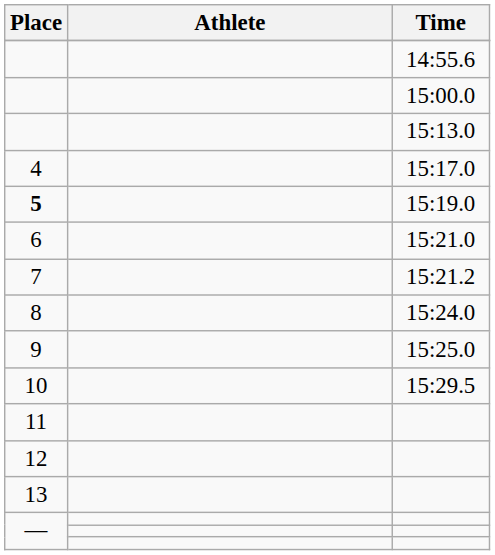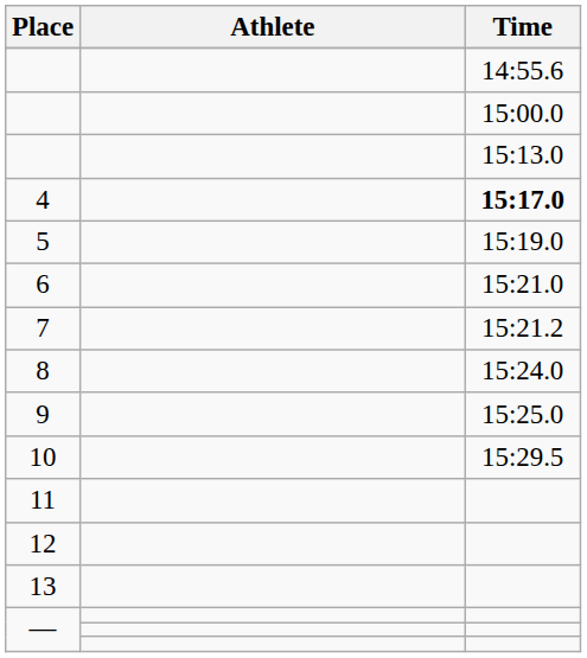 <table class=wikitable style="text-align:center">
 <tr>
 <th width=20>Place</th>
 <th width=220>Athlete</th>
 <th width=60>Time</th>
 </tr>
 <tr>
 </tr>
 <tr>
 <td></td>
 <td align=left></td>
 <td>14:55.6</td>
 </tr>
 <tr>
 <td></td>
 <td align=left></td>
 <td>15:00.0</td>
 </tr>
 <tr>
 <td></td>
 <td align=left></td>
 <td>15:13.0</td>
 </tr>
 <tr>
 <td>4</td>
 <td align=left></td>
-<td>15:17.0</td>
+<td><strong>15:17.0</strong></td>
 </tr>
 <tr>
-<td><strong>5</strong></td>
+<td>5</td>
 <td align=left></td>
 <td>15:19.0</td>
 </tr>
 <tr>
 <td>6</td>
 <td align=left></td>
 <td>15:21.0</td>
 </tr>
 <tr>
 <td>7</td>
 <td align=left></td>
 <td>15:21.2</td>
 </tr>
 <tr>
 <td>8</td>
 <td align=left></td>
 <td>15:24.0</td>
 </tr>
 <tr>
 <td>9</td>
 <td align=left></td>
 <td>15:25.0</td>
 </tr>
 <tr>
 <td>10</td>
 <td align=left></td>
 <td>15:29.5</td>
 </tr>
 <tr>
 <td>11</td>
 <td align=left></td>
 <td></td>
 </tr>
 <tr>
 <td>12</td>
 <td align=left></td>
 <td></td>
 </tr>
 <tr>
 <td>13</td>
 <td align=left></td>
 <td></td>
 </tr>
 <tr>
 <td rowspan=3>—</td>
 <td align=left></td>
 <td></td>
 </tr>
 <tr>
 <td align=left></td>
 <td></td>
 </tr>
 <tr>
 <td align=left></td>
 <td></td>
 </tr>
 </table>
